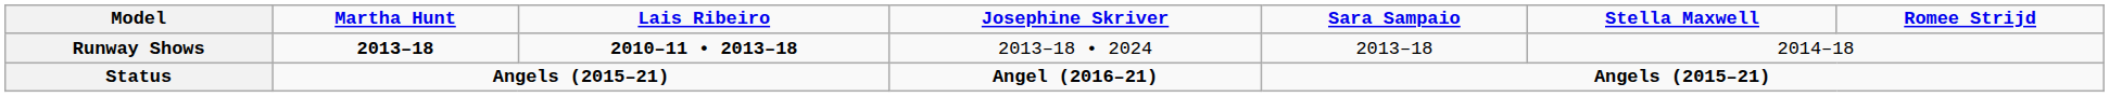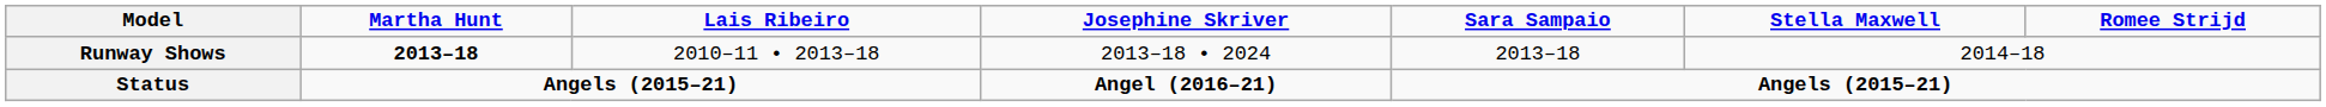 <table class="wikitable" style="font-size:85%; width:100%;" align="center">
 <tr>
 <th scope="row">Model</th>
 <td align="center"><strong> <a href='#'>Martha Hunt</a></strong></td>
 <td align="center"><strong> <a href='#'>Lais Ribeiro</a></strong></td>
 <td align="center"><strong> <a href='#'>Josephine Skriver</a></strong></td>
 <td align="center"> <strong><a href='#'>Sara Sampaio</a></strong></td>
 <td align="center"> <strong><a href='#'>Stella Maxwell</a></strong></td>
 <td align="center"> <strong><a href='#'>Romee Strijd</a></strong></td>
 </tr>
 <tr>
 <th scope="row">Runway Shows</th>
 <td align="center"><strong>2013–18</strong></td>
-<td align="center"><strong>2010–11 • 2013–18</strong></td>
+<td align="center">2010–11 • 2013–18</td>
 <td align="center">2013–18 • 2024</td>
 <td align="center">2013–18</td>
 <td colspan="2" align="center">2014–18</td>
 </tr>
 <tr>
 <th>Status</th>
 <td colspan="2" align="center"><strong> Angels (2015–21)</strong></td>
 <td align="center"><strong> Angel (2016–21)</strong></td>
 <td colspan="3" align="center"><strong> Angels (2015–21)</strong></td>
 </tr>
 </table>
